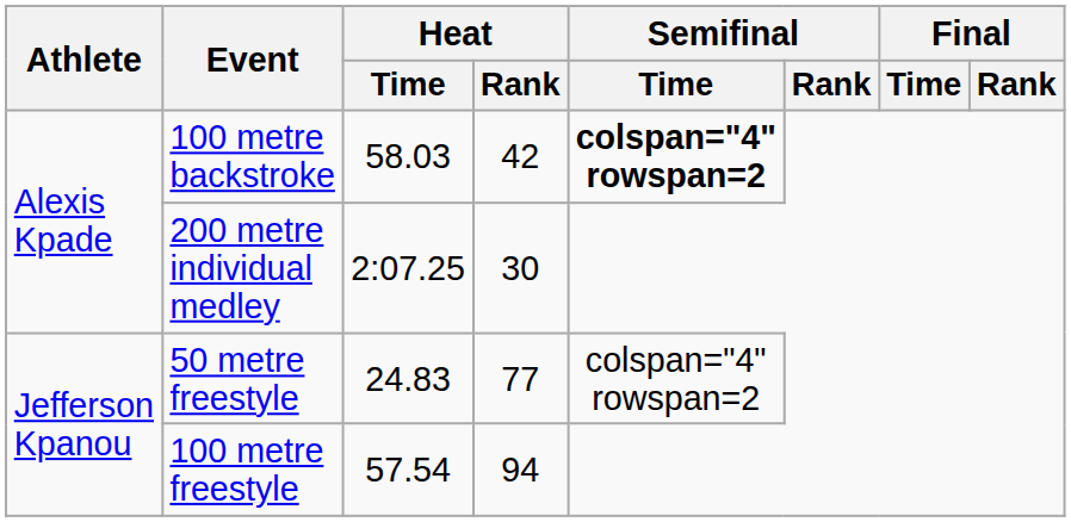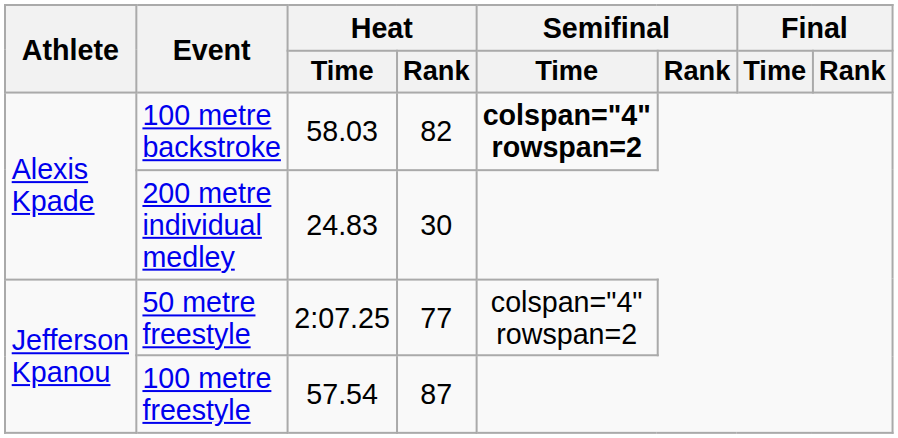 <table class="wikitable" style="text-align:center; font-size:90%; width:50%;">
 <tr>
 <th rowspan="2">Athlete</th>
 <th rowspan="2">Event</th>
 <th colspan="2">Heat</th>
 <th colspan="2">Semifinal</th>
 <th colspan="2">Final</th>
 </tr>
 <tr style="font-size:95%">
 <th>Time</th>
 <th>Rank</th>
 <th>Time</th>
 <th>Rank</th>
 <th>Time</th>
 <th>Rank</th>
 </tr>
 <tr>
 <td align=left rowspan=2><a href='#'>Alexis Kpade</a></td>
 <td align=left><a href='#'>100 metre backstroke</a></td>
 <td>58.03</td>
-<td>42</td>
+<td>82</td>
 <td><strong>colspan="4" rowspan=2</strong></td>
 </tr>
 <tr>
 <td align=left><a href='#'>200 metre individual medley</a></td>
-<td>2:07.25</td>
+<td>24.83</td>
 <td>30</td>
 </tr>
 <tr>
 <td align=left rowspan=2><a href='#'>Jefferson Kpanou</a></td>
 <td align=left><a href='#'>50 metre freestyle</a></td>
-<td>24.83</td>
+<td>2:07.25</td>
 <td>77</td>
 <td>colspan="4" rowspan=2</td>
 </tr>
 <tr>
 <td align=left><a href='#'>100 metre freestyle</a></td>
 <td>57.54</td>
-<td>94</td>
+<td>87</td>
 </tr>
 </table>
